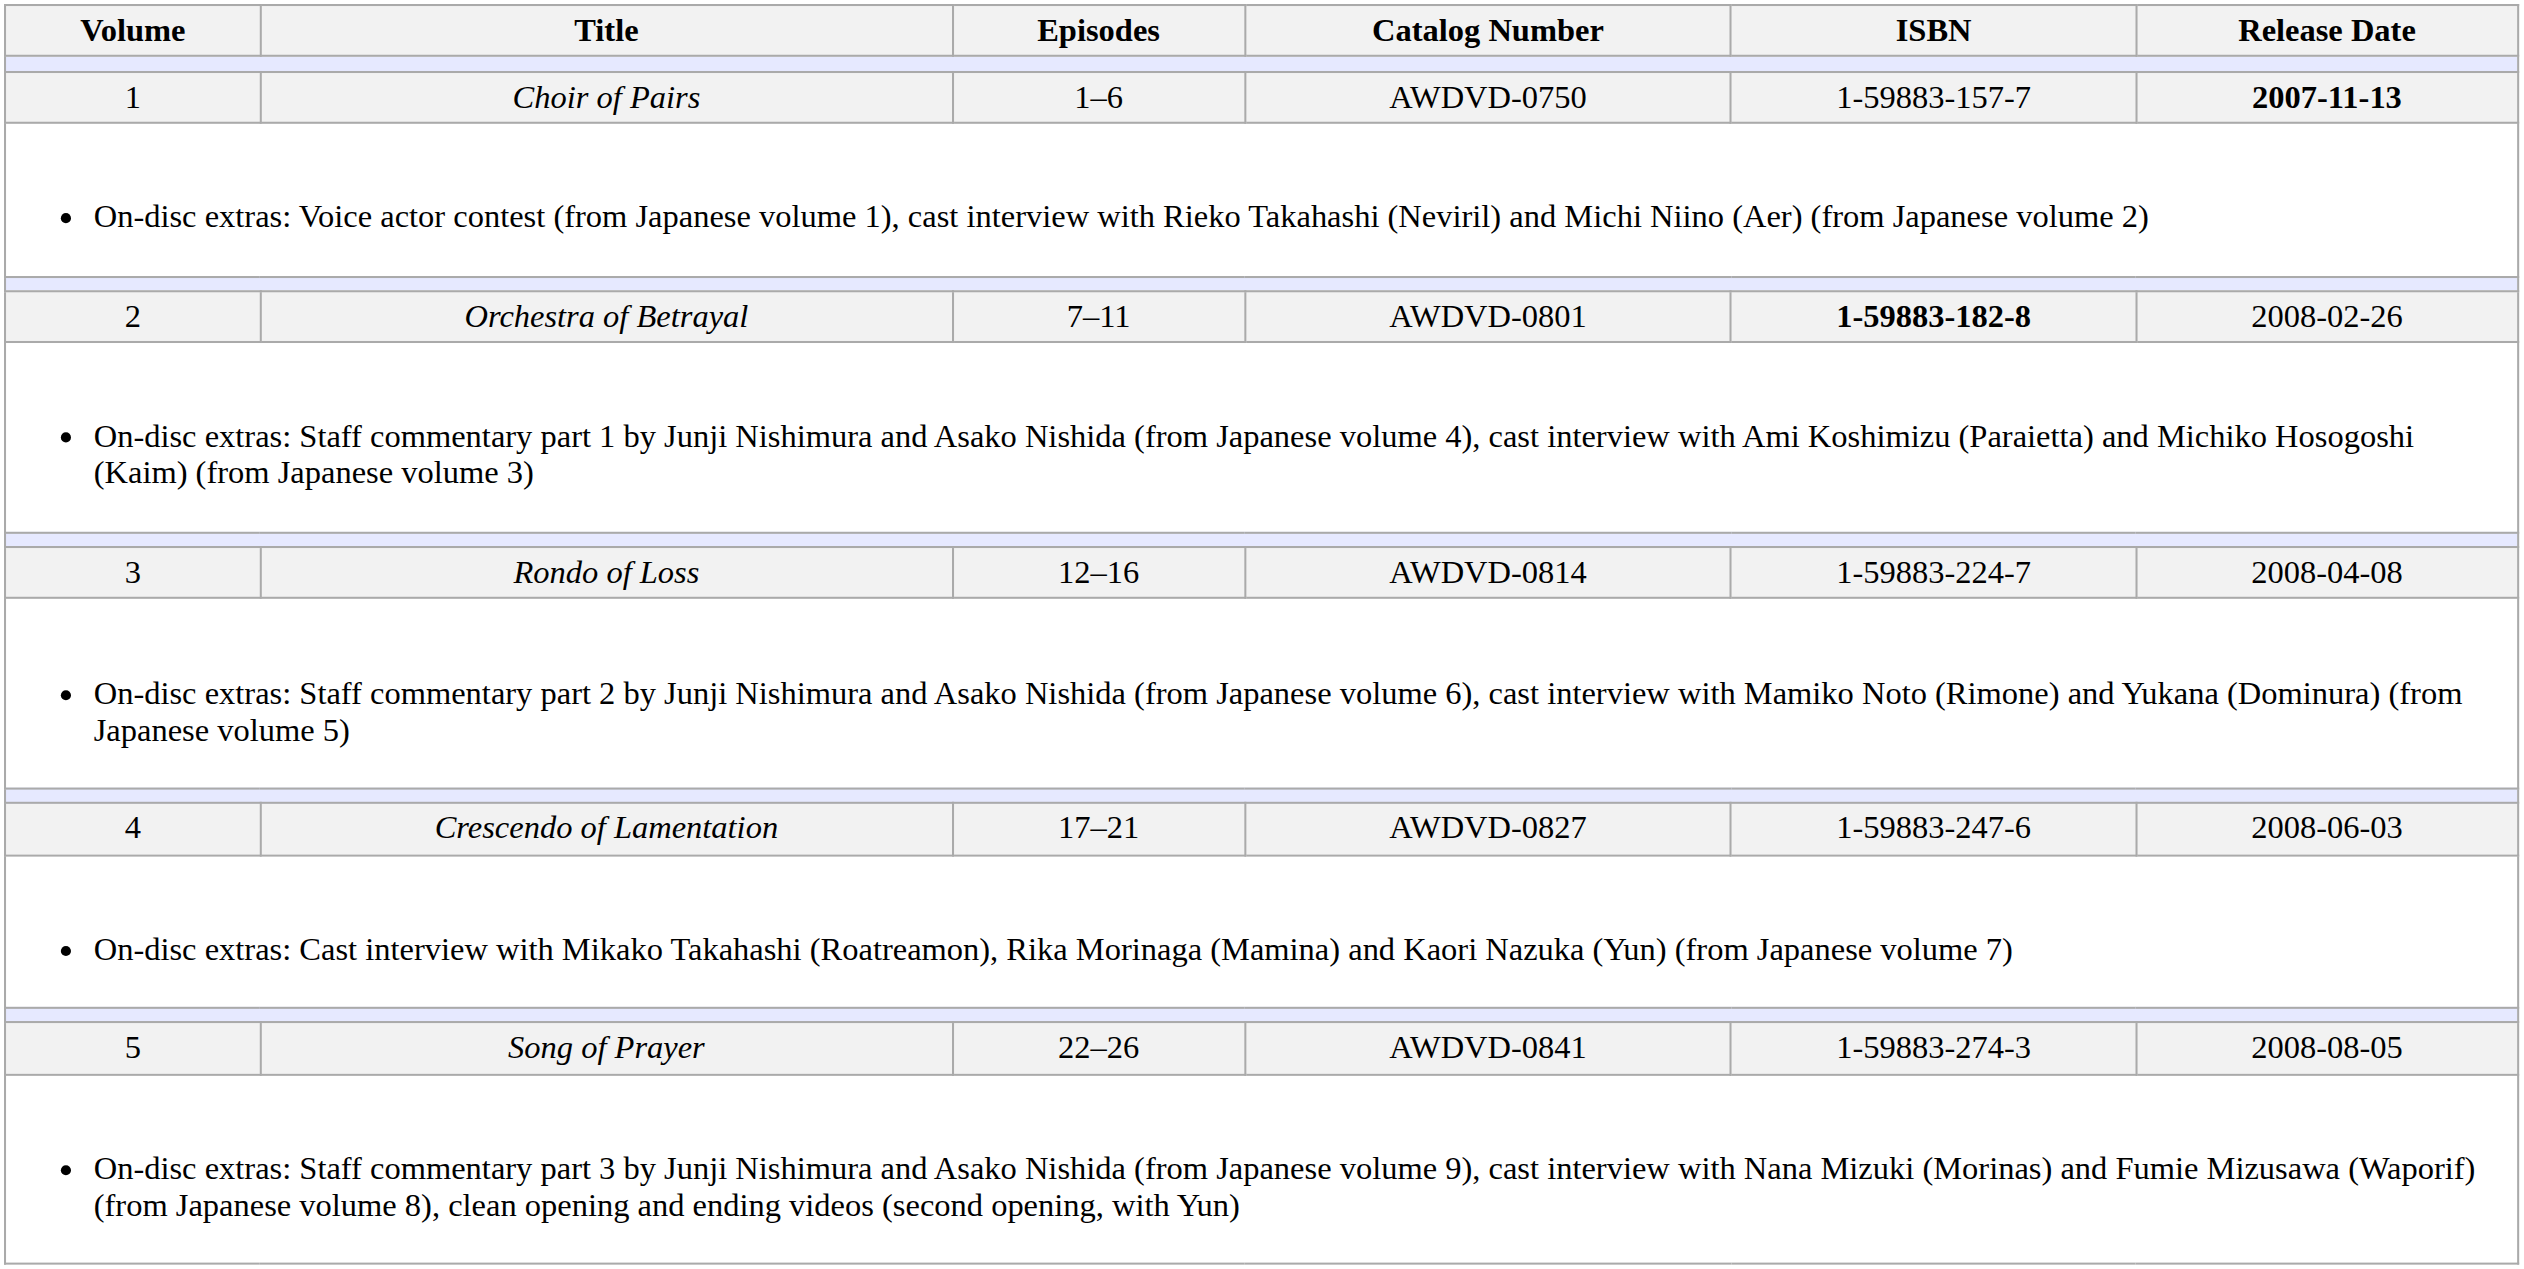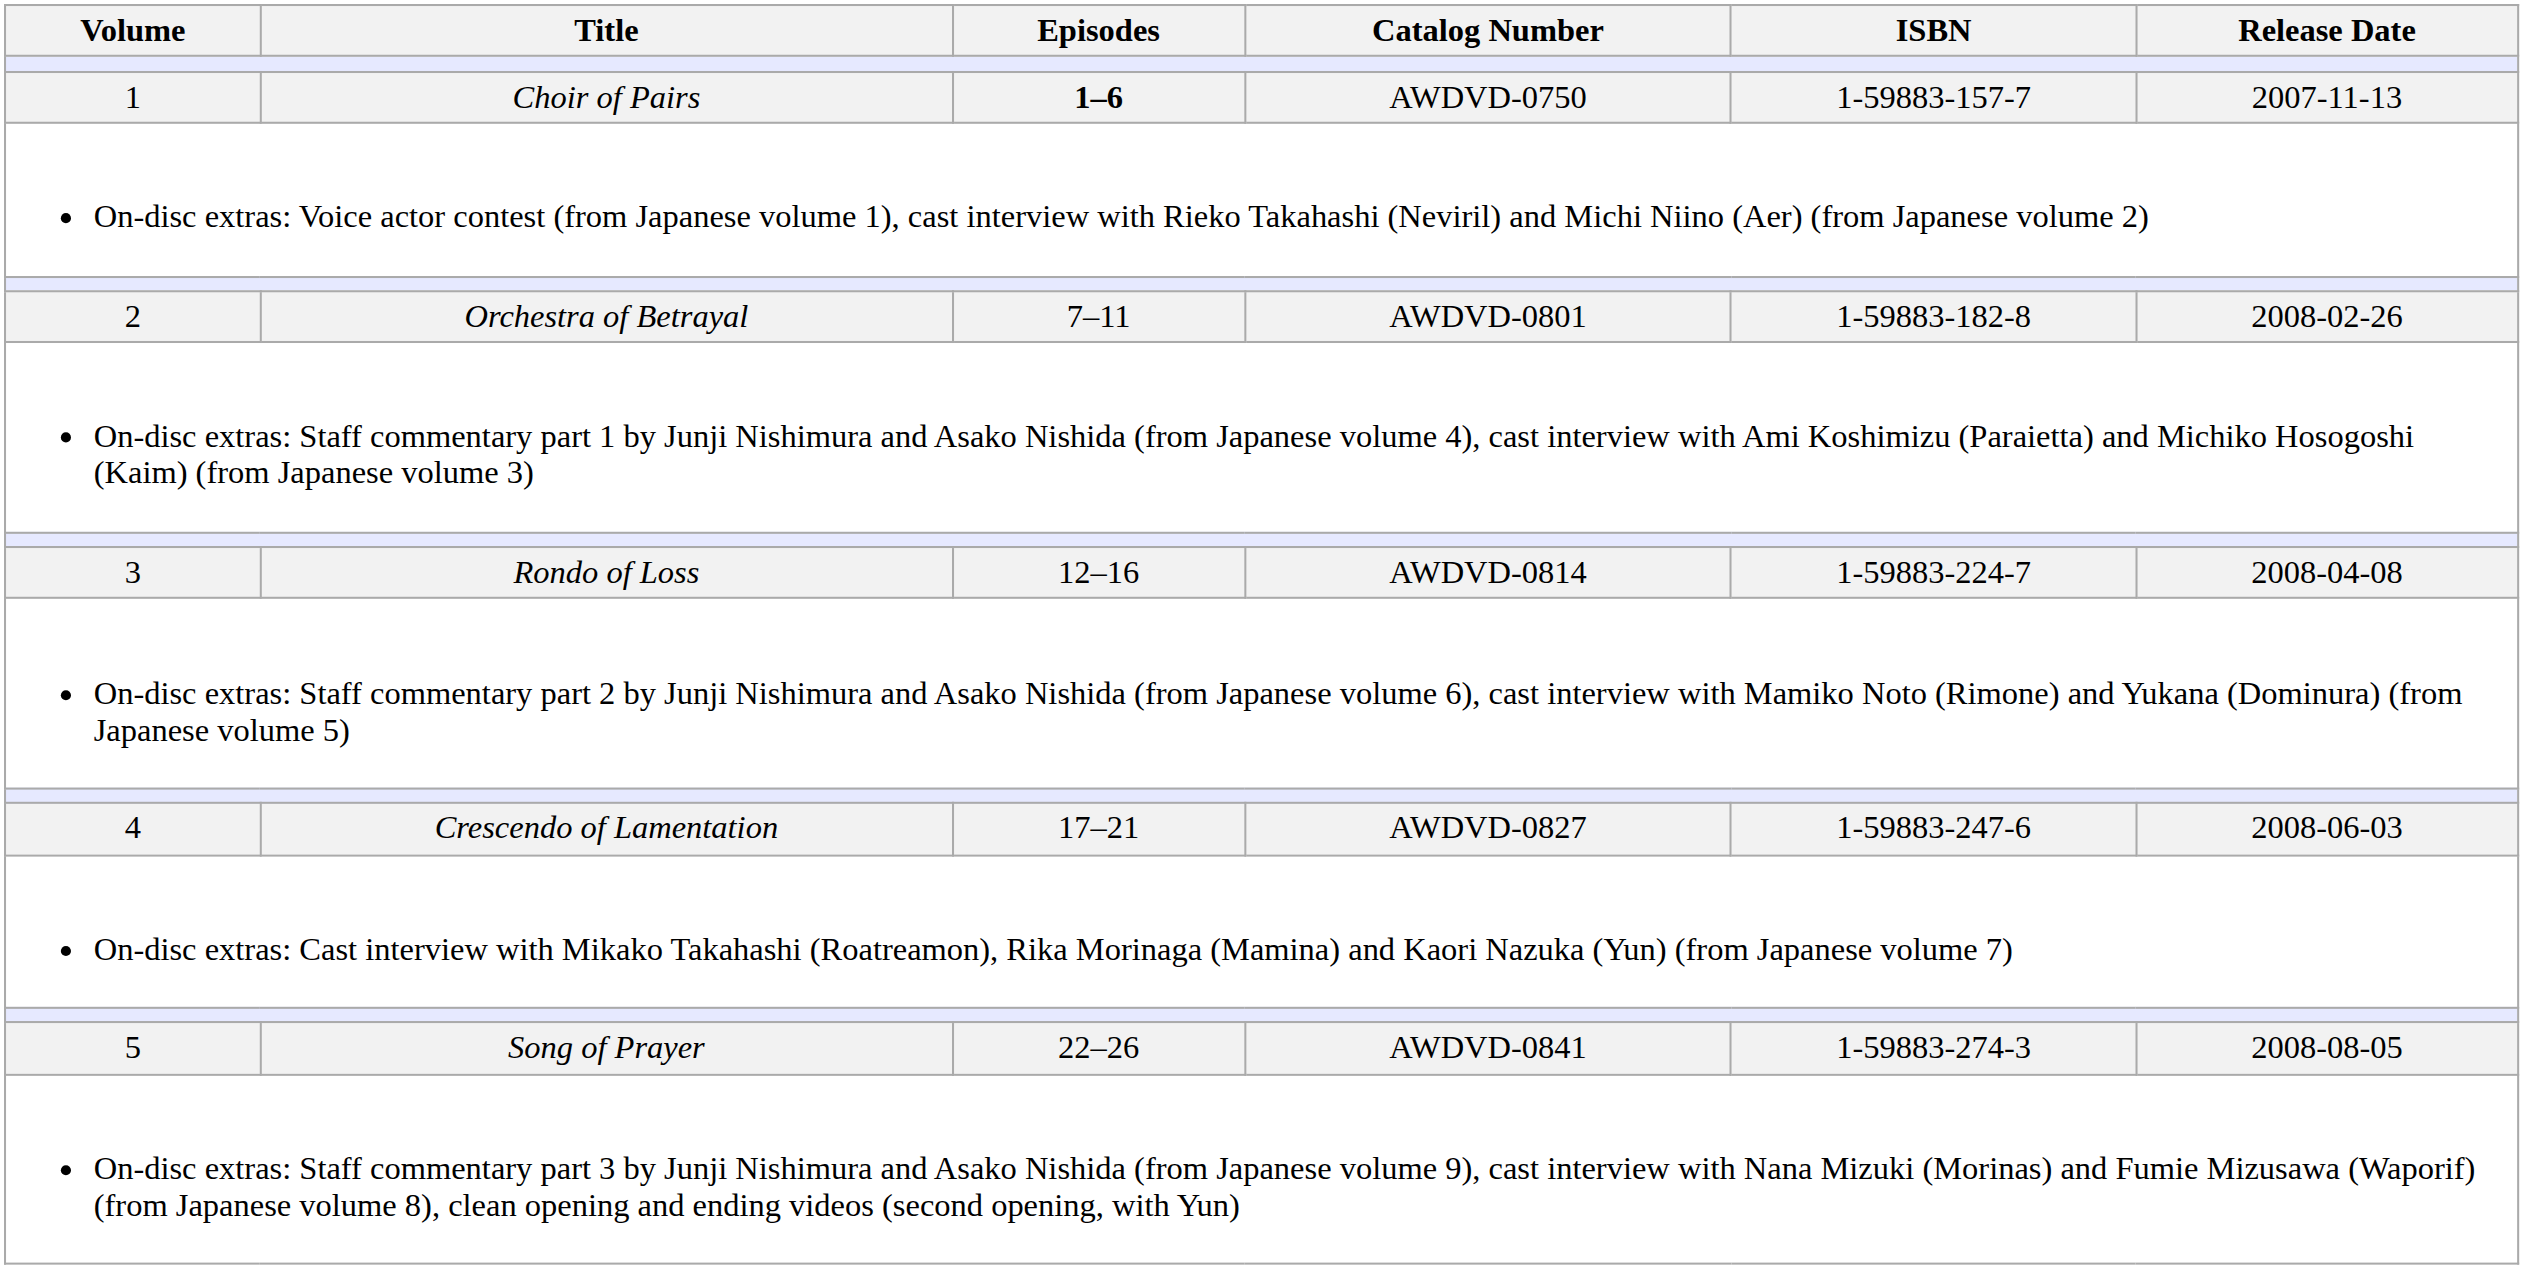 <table class="wikitable" width="98%">
 <tr valign="bottom">
 <th>Volume</th>
 <th>Title</th>
 <th>Episodes</th>
 <th>Catalog Number</th>
 <th>ISBN</th>
 <th>Release Date</th>
 </tr>
 <tr>
 <td colspan="6" bgcolor="#e6e9ff"></td>
 </tr>
 <tr bgcolor="#F2F2F2" align="center">
 <td>1</td>
 <td><em>Choir of Pairs</em></td>
-<td>1–6</td>
+<td><strong>1–6</strong></td>
 <td>AWDVD-0750</td>
 <td>1-59883-157-7</td>
-<td><strong>2007-11-13</strong></td>
+<td>2007-11-13</td>
 </tr>
 <tr>
 <td colspan="6" valign="top" bgcolor="#ffffff"><br><ul><li>On-disc extras: Voice actor contest (from Japanese volume 1), cast interview with Rieko Takahashi (Neviril) and Michi Niino (Aer) (from Japanese volume 2)</li></ul></td>
 </tr>
 <tr>
 <td colspan="6" bgcolor="#e6e9ff"></td>
 </tr>
 <tr bgcolor="#F2F2F2" align="center">
 <td>2</td>
 <td><em>Orchestra of Betrayal</em></td>
 <td>7–11</td>
 <td>AWDVD-0801</td>
-<td><strong>1-59883-182-8</strong></td>
+<td>1-59883-182-8</td>
 <td>2008-02-26</td>
 </tr>
 <tr>
 <td colspan="6" valign="top" bgcolor="#ffffff"><br><ul><li>On-disc extras: Staff commentary part 1 by Junji Nishimura and Asako Nishida (from Japanese volume 4), cast interview with Ami Koshimizu (Paraietta) and Michiko Hosogoshi (Kaim) (from Japanese volume 3)</li></ul></td>
 </tr>
 <tr>
 <td colspan="6" bgcolor="#e6e9ff"></td>
 </tr>
 <tr bgcolor="#F2F2F2" align="center">
 <td>3</td>
 <td><em>Rondo of Loss</em></td>
 <td>12–16</td>
 <td>AWDVD-0814</td>
 <td>1-59883-224-7</td>
 <td>2008-04-08</td>
 </tr>
 <tr>
 <td colspan="6" valign="top" bgcolor="#ffffff"><br><ul><li>On-disc extras: Staff commentary part 2 by Junji Nishimura and Asako Nishida (from Japanese volume 6), cast interview with Mamiko Noto (Rimone) and Yukana (Dominura) (from Japanese volume 5)</li></ul></td>
 </tr>
 <tr>
 <td colspan="6" bgcolor="#e6e9ff"></td>
 </tr>
 <tr bgcolor="#F2F2F2" align="center">
 <td>4</td>
 <td><em>Crescendo of Lamentation</em></td>
 <td>17–21</td>
 <td>AWDVD-0827</td>
 <td>1-59883-247-6</td>
 <td>2008-06-03</td>
 </tr>
 <tr>
 <td colspan="6" valign="top" bgcolor="#ffffff"><br><ul><li>On-disc extras: Cast interview with Mikako Takahashi (Roatreamon), Rika Morinaga (Mamina) and Kaori Nazuka (Yun) (from Japanese volume 7)</li></ul></td>
 </tr>
 <tr>
 <td colspan="6" bgcolor="#e6e9ff"></td>
 </tr>
 <tr bgcolor="#F2F2F2" align="center">
 <td>5</td>
 <td><em>Song of Prayer</em></td>
 <td>22–26</td>
 <td>AWDVD-0841</td>
 <td>1-59883-274-3</td>
 <td>2008-08-05</td>
 </tr>
 <tr>
 <td colspan="6" valign="top" bgcolor="#ffffff"><br><ul><li>On-disc extras: Staff commentary part 3 by Junji Nishimura and Asako Nishida (from Japanese volume 9), cast interview with Nana Mizuki (Morinas) and Fumie Mizusawa (Waporif) (from Japanese volume 8), clean opening and ending videos (second opening, with Yun)</li></ul></td>
 </tr>
 </table>
